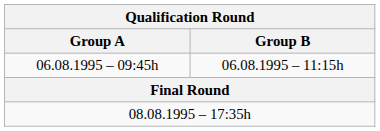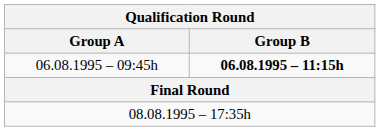 <table class="wikitable" style=" text-align:center; font-size:110%;" width="35%">
 <tr>
 <th colspan="2">Qualification Round</th>
 </tr>
 <tr>
 <th>Group A</th>
 <th>Group B</th>
 </tr>
 <tr>
 <td>06.08.1995 – 09:45h</td>
-<td>06.08.1995 – 11:15h</td>
+<td><strong>06.08.1995 – 11:15h</strong></td>
 </tr>
 <tr>
 <th colspan="2">Final Round</th>
 </tr>
 <tr>
 <td colspan="2">08.08.1995 – 17:35h</td>
 </tr>
 </table>
